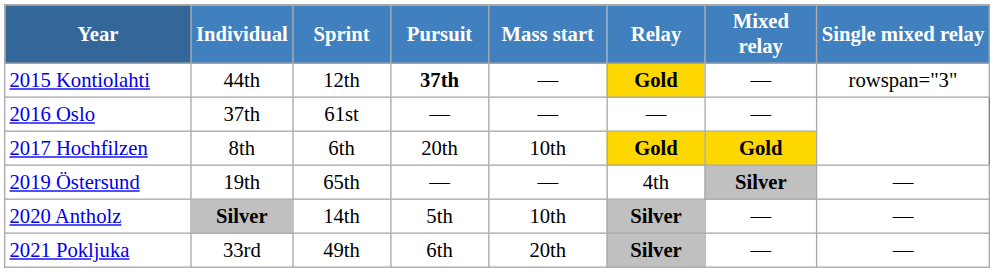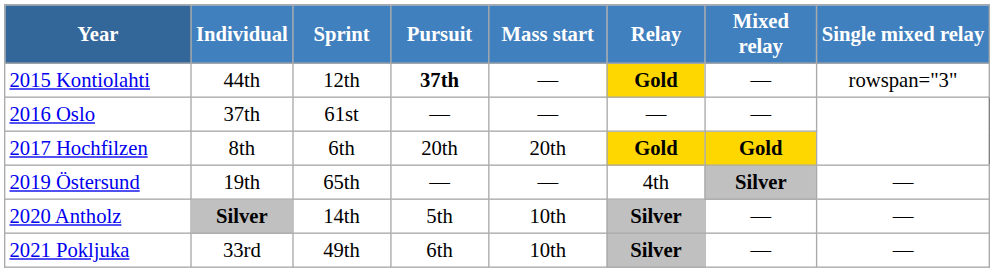 <table class="wikitable" style="font-size:95%; text-align:center; border:grey solid 1px; border-collapse:collapse; background:#ffffff;">
 <tr>
 <th style="background-color:#369; color:white;    width:130px;">Year</th>
 <th style="background-color:#4180be; color:white; width:65px;">Individual</th>
 <th style="background-color:#4180be; color:white; width:65px;">Sprint</th>
 <th style="background-color:#4180be; color:white; width:65px;">Pursuit</th>
 <th style="background-color:#4180be; color:white; width:80px;">Mass start</th>
 <th style="background-color:#4180be; color:white; width:65px;">Relay</th>
 <th style="background-color:#4180be; color:white; width:75px;">Mixed relay</th>
 <th style="background-color:#4180be; color:white; width:120px;">Single mixed relay</th>
 </tr>
 <tr>
 <td align=left> <a href='#'>2015 Kontiolahti</a></td>
 <td>44th</td>
 <td>12th</td>
 <td><strong>37th</strong></td>
 <td>—</td>
 <td style="background:gold"><strong>Gold</strong></td>
 <td>—</td>
 <td>rowspan="3" </td>
 </tr>
 <tr>
 <td align=left> <a href='#'>2016 Oslo</a></td>
 <td>37th</td>
 <td>61st</td>
 <td>—</td>
 <td>—</td>
 <td>—</td>
 <td>—</td>
 </tr>
 <tr>
 <td align=left> <a href='#'>2017 Hochfilzen</a></td>
 <td>8th</td>
 <td>6th</td>
 <td>20th</td>
-<td>10th</td>
+<td>20th</td>
 <td style="background:gold"><strong>Gold</strong></td>
 <td style="background:gold"><strong>Gold</strong></td>
 </tr>
 <tr>
 <td align=left> <a href='#'>2019 Östersund</a></td>
 <td>19th</td>
 <td>65th</td>
 <td>—</td>
 <td>—</td>
 <td>4th</td>
 <td style="background:silver;"><strong>Silver</strong></td>
 <td>—</td>
 </tr>
 <tr>
 <td align=left> <a href='#'>2020 Antholz</a></td>
 <td style="background:silver;"><strong>Silver</strong></td>
 <td>14th</td>
 <td>5th</td>
 <td>10th</td>
 <td style="background:silver"><strong>Silver</strong></td>
 <td>—</td>
 <td>—</td>
 </tr>
 <tr>
 <td align=left> <a href='#'>2021 Pokljuka</a></td>
 <td>33rd</td>
 <td>49th</td>
 <td>6th</td>
-<td>20th</td>
+<td>10th</td>
 <td style="background:silver;"><strong>Silver</strong></td>
 <td>—</td>
 <td>—</td>
 </tr>
 </table>
